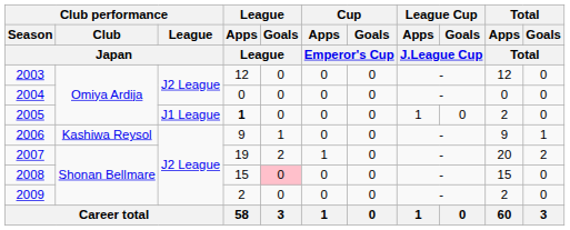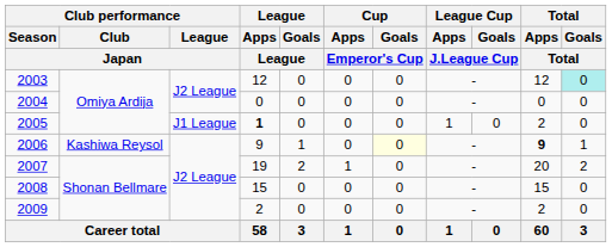 <table class="wikitable" style="text-align:center">
 <tr>
 <th colspan=3>Club performance</th>
 <th colspan=2>League</th>
 <th colspan=2>Cup</th>
 <th colspan=2>League Cup</th>
 <th colspan=2>Total</th>
 </tr>
 <tr>
 <th>Season</th>
 <th>Club</th>
 <th>League</th>
 <th>Apps</th>
 <th>Goals</th>
 <th>Apps</th>
 <th>Goals</th>
 <th>Apps</th>
 <th>Goals</th>
 <th>Apps</th>
 <th>Goals</th>
 </tr>
 <tr>
 <th colspan=3>Japan</th>
 <th colspan=2>League</th>
 <th colspan=2><a href='#'>Emperor's Cup</a></th>
 <th colspan=2><a href='#'>J.League Cup</a></th>
 <th colspan=2>Total</th>
 </tr>
 <tr>
 <td><a href='#'>2003</a></td>
 <td rowspan="3"><a href='#'>Omiya Ardija</a></td>
 <td rowspan="2"><a href='#'>J2 League</a></td>
 <td>12</td>
 <td>0</td>
 <td>0</td>
 <td>0</td>
 <td colspan="2">-</td>
 <td>12</td>
-<td>0</td>
+<td style="background: paleturquoise;">0</td>
 </tr>
 <tr>
 <td><a href='#'>2004</a></td>
 <td>0</td>
 <td>0</td>
 <td>0</td>
 <td>0</td>
 <td colspan="2">-</td>
 <td>0</td>
 <td>0</td>
 </tr>
 <tr>
 <td><a href='#'>2005</a></td>
 <td><a href='#'>J1 League</a></td>
 <td><strong>1</strong></td>
 <td>0</td>
 <td>0</td>
 <td>0</td>
 <td>1</td>
 <td>0</td>
 <td>2</td>
 <td>0</td>
 </tr>
 <tr>
 <td><a href='#'>2006</a></td>
 <td><a href='#'>Kashiwa Reysol</a></td>
 <td rowspan="4"><a href='#'>J2 League</a></td>
 <td>9</td>
 <td>1</td>
 <td>0</td>
-<td>0</td>
+<td style="background: lightyellow;">0</td>
 <td colspan="2">-</td>
-<td>9</td>
+<td><strong>9</strong></td>
 <td>1</td>
 </tr>
 <tr>
 <td><a href='#'>2007</a></td>
 <td rowspan="3"><a href='#'>Shonan Bellmare</a></td>
 <td>19</td>
 <td>2</td>
 <td>1</td>
 <td>0</td>
 <td colspan="2">-</td>
 <td>20</td>
 <td>2</td>
 </tr>
 <tr>
 <td><a href='#'>2008</a></td>
 <td>15</td>
-<td style="background: pink;">0</td>
+<td>0</td>
 <td>0</td>
 <td>0</td>
 <td colspan="2">-</td>
 <td>15</td>
 <td>0</td>
 </tr>
 <tr>
 <td><a href='#'>2009</a></td>
 <td>2</td>
 <td>0</td>
 <td>0</td>
 <td>0</td>
 <td colspan="2">-</td>
 <td>2</td>
 <td>0</td>
 </tr>
 <tr>
 <th colspan=3>Career total</th>
 <th>58</th>
 <th>3</th>
 <th>1</th>
 <th>0</th>
 <th>1</th>
 <th>0</th>
 <th>60</th>
 <th>3</th>
 </tr>
 </table>
